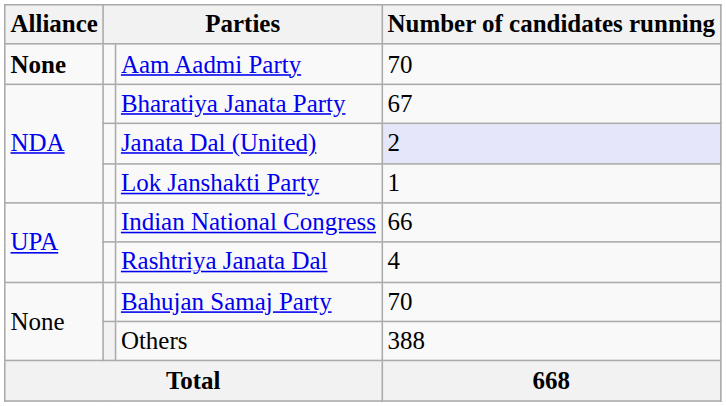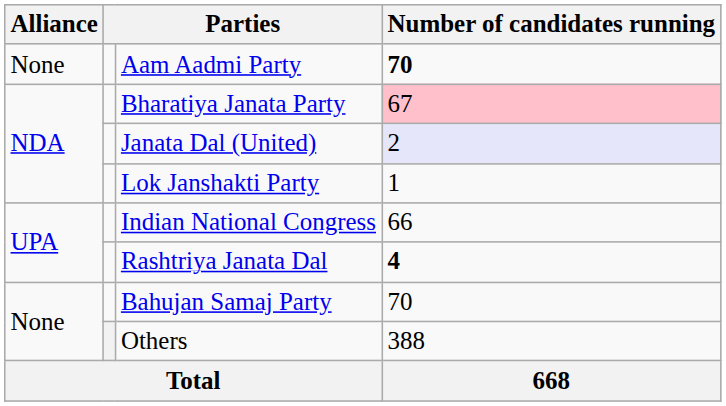 <table class="wikitable sortable" style="text-align:left;">
 <tr>
 <th>Alliance</th>
 <th colspan="2">Parties</th>
 <th>Number of candidates running</th>
 </tr>
 <tr>
-<td><strong>None</strong></td>
+<td>None</td>
 <td style="background-color:"></td>
 <td><a href='#'>Aam Aadmi Party</a></td>
-<td>70</td>
+<td><strong>70</strong></td>
 </tr>
 <tr>
 <td rowspan=3><a href='#'>NDA</a></td>
 <td style="background-color:"></td>
 <td><a href='#'>Bharatiya Janata Party</a></td>
-<td>67</td>
+<td style="background: pink;">67</td>
 </tr>
 <tr>
 <td></td>
 <td><a href='#'>Janata Dal (United)</a></td>
 <td style="background: lavender;">2</td>
 </tr>
 <tr>
 <td></td>
 <td><a href='#'>Lok Janshakti Party</a></td>
 <td>1</td>
 </tr>
 <tr>
 <td rowspan=2><a href='#'>UPA</a></td>
 <td style="background-color:"></td>
 <td><a href='#'>Indian National Congress</a></td>
 <td>66</td>
 </tr>
 <tr>
 <td style="background-color:"></td>
 <td><a href='#'>Rashtriya Janata Dal</a></td>
-<td>4</td>
+<td><strong>4</strong></td>
 </tr>
 <tr>
 <td rowspan=2>None</td>
 <td></td>
 <td><a href='#'>Bahujan Samaj Party</a></td>
 <td>70</td>
 </tr>
 <tr>
 <th></th>
 <td>Others</td>
 <td>388</td>
 </tr>
 <tr>
 <th style="text-align:center" colspan=3>Total</th>
 <th>668</th>
 </tr>
 </table>
